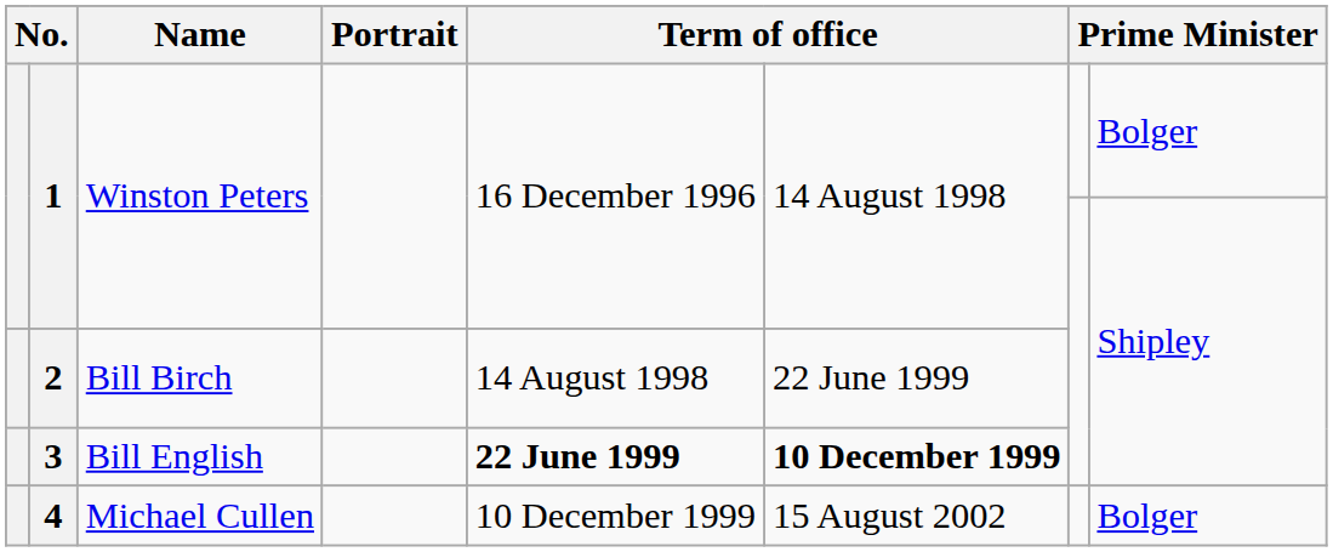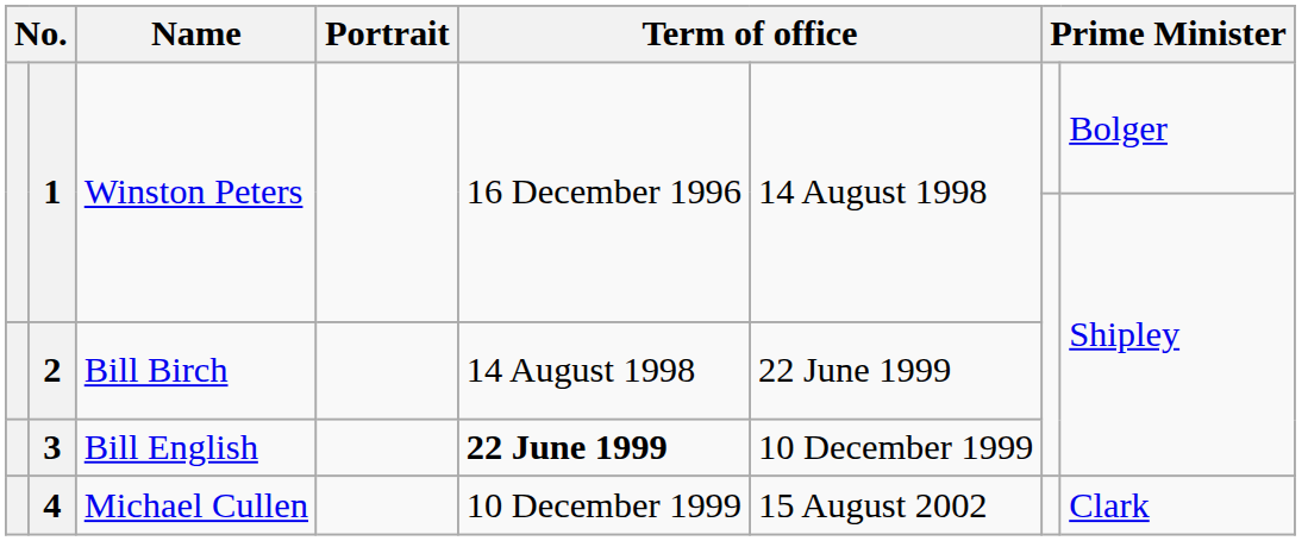 <table class="wikitable">
 <tr>
 <th colspan="2">No.</th>
 <th>Name</th>
 <th>Portrait</th>
 <th colspan="2">Term of office</th>
 <th colspan="2">Prime Minister</th>
 </tr>
 <tr>
 <th rowspan="2" style="color:inherit;background:"></th>
 <th rowspan="2">1</th>
 <td rowspan="2"><a href='#'>Winston Peters</a></td>
 <td rowspan="2"></td>
 <td rowspan="2">16 December 1996</td>
 <td rowspan="2">14 August 1998</td>
 <td width="1" height="50" style="color:inherit;background:"></td>
 <td><a href='#'>Bolger</a></td>
 </tr>
 <tr>
 <td height="50" style="border-style: solid solid none solid; background:"></td>
 <td rowspan="3"><a href='#'>Shipley</a></td>
 </tr>
 <tr>
 <th height="36" style="color:inherit;background:"></th>
 <th>2</th>
 <td><a href='#'>Bill Birch</a></td>
 <td></td>
 <td>14 August 1998</td>
 <td>22 June 1999</td>
 <td rowspan="2" style="border-style: none solid solid solid; background:"></td>
 </tr>
 <tr>
 <th style="color:inherit;background:"></th>
 <th>3</th>
 <td><a href='#'>Bill English</a></td>
 <td></td>
 <td><strong>22 June 1999</strong></td>
-<td><strong>10 December 1999</strong></td>
+<td>10 December 1999</td>
 </tr>
 <tr>
 <th style="color:inherit;background:"></th>
 <th>4</th>
 <td><a href='#'>Michael Cullen</a></td>
 <td></td>
 <td>10 December 1999</td>
 <td>15 August 2002</td>
 <td style="color:inherit;background:"></td>
-<td><a href='#'>Bolger</a></td>
+<td><a href='#'>Clark</a></td>
 </tr>
 </table>
